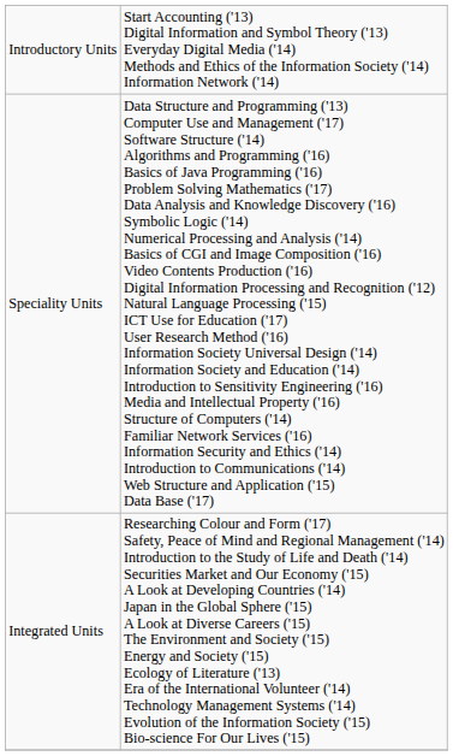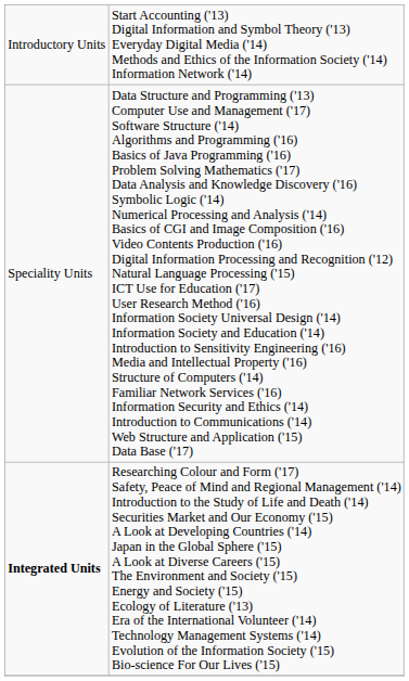 <table class="wikitable">
 <tr>
 <td>Introductory Units</td>
 <td>Start Accounting ('13)<br>Digital Information and Symbol Theory ('13)<br>Everyday Digital Media ('14)<br>Methods and Ethics of the Information Society ('14)<br>Information Network ('14)</td>
 </tr>
 <tr>
 <td>Speciality Units</td>
 <td>Data Structure and Programming ('13)<br>Computer Use and Management ('17)<br>Software Structure ('14)<br>Algorithms and Programming ('16)<br>Basics of Java Programming ('16)<br>Problem Solving Mathematics ('17)<br>Data Analysis and Knowledge Discovery ('16)<br>Symbolic Logic ('14)<br>Numerical Processing and Analysis ('14)<br>Basics of CGI and Image Composition ('16)<br>Video Contents Production ('16)<br>Digital Information Processing and Recognition ('12)<br>Natural Language Processing ('15)<br>ICT Use for Education ('17)<br>User Research Method ('16)<br>Information Society Universal Design ('14)<br>Information Society and Education ('14)<br>Introduction to Sensitivity Engineering ('16)<br>Media and Intellectual Property ('16)<br>Structure of Computers ('14)<br>Familiar Network Services ('16)<br>Information Security and Ethics ('14)<br>Introduction to Communications ('14)<br>Web Structure and Application ('15)<br>Data Base ('17)</td>
 </tr>
 <tr>
-<td>Integrated Units</td>
+<td><strong>Integrated Units</strong></td>
 <td>Researching Colour and Form ('17)<br>Safety, Peace of Mind and Regional Management ('14)<br>Introduction to the Study of Life and Death ('14)<br>Securities Market and Our Economy ('15)<br>A Look at Developing Countries ('14)<br>Japan in the Global Sphere ('15)<br>A Look at Diverse Careers ('15)<br>The Environment and Society ('15)<br>Energy and Society ('15)<br>Ecology of Literature ('13)<br>Era of the International Volunteer ('14)<br>Technology Management Systems ('14)<br>Evolution of the Information Society ('15)<br>Bio-science For Our Lives ('15)</td>
 </tr>
 <tr>
 </tr>
 </table>
